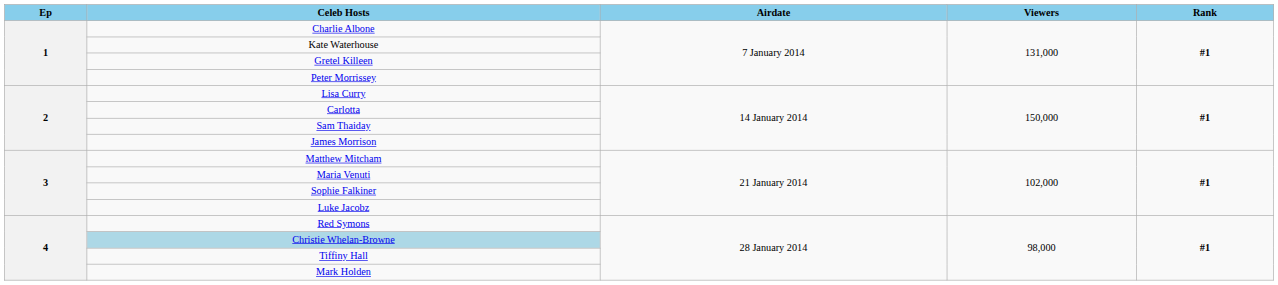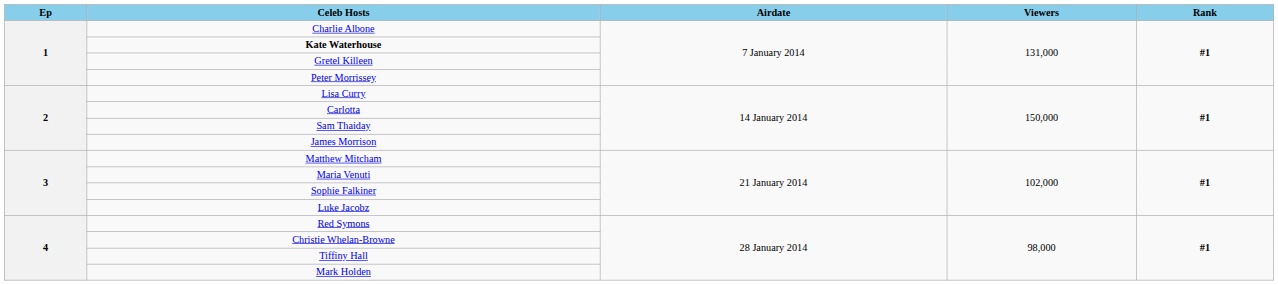 <table class="wikitable" style="text-align:center; width:100%;">
 <tr>
 <th scope="col" style="background:skyblue;">Ep</th>
 <th scope="col" style="background:skyblue;">Celeb Hosts</th>
 <th scope="col" style="background:skyblue;">Airdate</th>
 <th scope="col" style="background:skyblue;">Viewers</th>
 <th scope="col" style="background:skyblue;">Rank</th>
 </tr>
 <tr>
 <th rowspan="4">1</th>
 <td><a href='#'>Charlie Albone</a></td>
 <td rowspan="4">7 January 2014</td>
 <td rowspan="4">131,000</td>
 <td rowspan="4"><strong>#1</strong></td>
 </tr>
 <tr>
-<td>Kate Waterhouse</td>
+<td><strong>Kate Waterhouse</strong></td>
 </tr>
 <tr>
 <td><a href='#'>Gretel Killeen</a></td>
 </tr>
 <tr>
 <td><a href='#'>Peter Morrissey</a></td>
 </tr>
 <tr>
 <th rowspan="4">2</th>
 <td><a href='#'>Lisa Curry</a></td>
 <td rowspan="4">14 January 2014</td>
 <td rowspan="4">150,000</td>
 <td rowspan="4"><strong>#1</strong></td>
 </tr>
 <tr>
 <td><a href='#'>Carlotta</a></td>
 </tr>
 <tr>
 <td><a href='#'>Sam Thaiday</a></td>
 </tr>
 <tr>
 <td><a href='#'>James Morrison</a></td>
 </tr>
 <tr>
 <th rowspan="4">3</th>
 <td><a href='#'>Matthew Mitcham</a></td>
 <td rowspan="4">21 January 2014</td>
 <td rowspan="4">102,000</td>
 <td rowspan="4"><strong>#1</strong></td>
 </tr>
 <tr>
 <td><a href='#'>Maria Venuti</a></td>
 </tr>
 <tr>
 <td><a href='#'>Sophie Falkiner</a></td>
 </tr>
 <tr>
 <td><a href='#'>Luke Jacobz</a></td>
 </tr>
 <tr>
 <th rowspan="4">4</th>
 <td><a href='#'>Red Symons</a></td>
 <td rowspan="4">28 January 2014</td>
 <td rowspan="4">98,000</td>
 <td rowspan="4"><strong>#1</strong></td>
 </tr>
 <tr>
-<td style="background: lightblue;"><a href='#'>Christie Whelan-Browne</a></td>
+<td><a href='#'>Christie Whelan-Browne</a></td>
 </tr>
 <tr>
 <td><a href='#'>Tiffiny Hall</a></td>
 </tr>
 <tr>
 <td><a href='#'>Mark Holden</a></td>
 </tr>
 </table>
